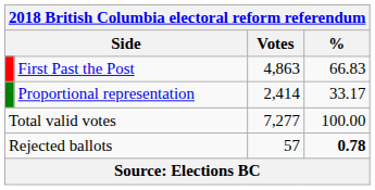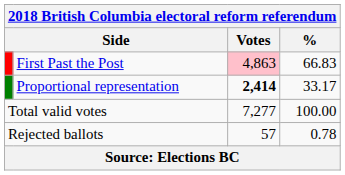 <table class="wikitable">
 <tr>
 <th colspan=4><a href='#'>2018 British Columbia electoral reform referendum</a></th>
 </tr>
 <tr>
 <th colspan=2>Side</th>
 <th>Votes</th>
 <th>%</th>
 </tr>
 <tr>
 <td bgcolor="red"></td>
 <td><a href='#'>First Past the Post</a></td>
-<td align="right">4,863</td>
+<td align="right" style="background: pink;">4,863</td>
 <td align="right">66.83</td>
 </tr>
 <tr>
 <td bgcolor="green"></td>
 <td><a href='#'>Proportional representation</a></td>
-<td align="right">2,414</td>
+<td align="right"><strong>2,414</strong></td>
 <td align="right">33.17</td>
 </tr>
 <tr>
 <td colspan="2">Total valid votes</td>
 <td align="right">7,277</td>
 <td align="right">100.00</td>
 </tr>
 <tr>
 <td colspan="2">Rejected ballots</td>
 <td align="right">57</td>
-<td align="right"><strong>0.78</strong></td>
+<td align="right">0.78</td>
 </tr>
 <tr>
 <th colspan="4">Source: Elections BC</th>
 </tr>
 </table>
